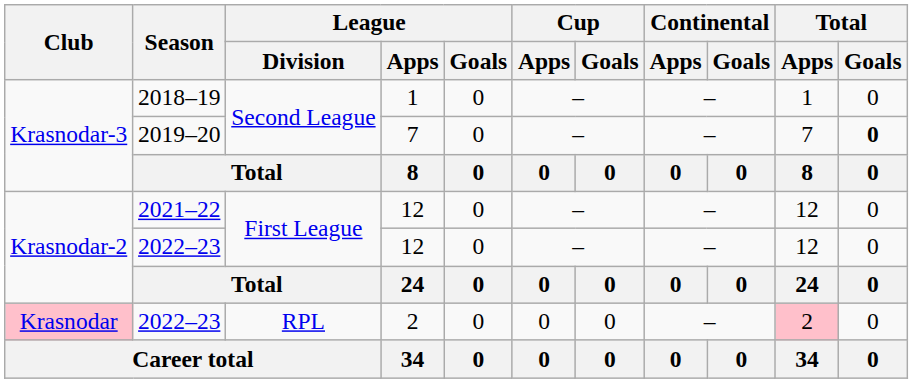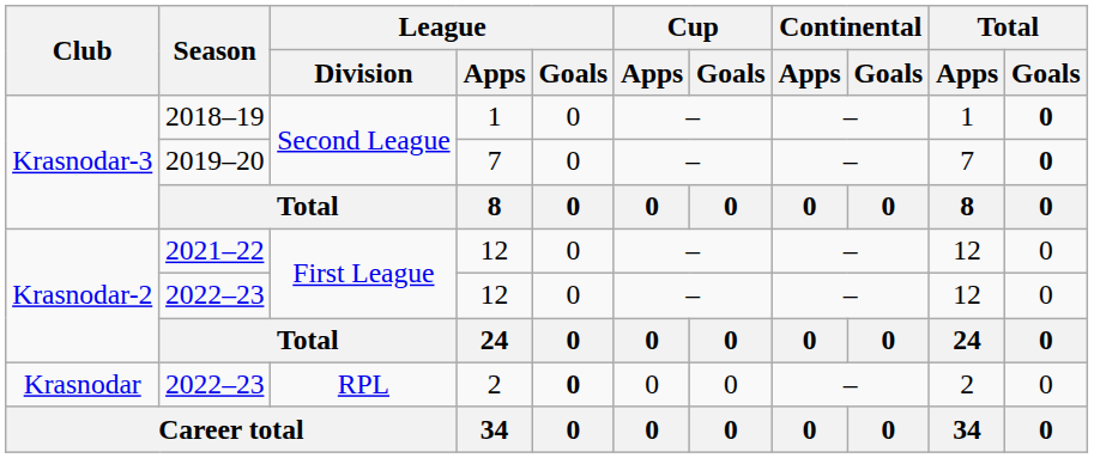 <table class="wikitable" style="text-align: center;">
 <tr>
 <th rowspan=2>Club</th>
 <th rowspan=2>Season</th>
 <th colspan=3>League</th>
 <th colspan=2>Cup</th>
 <th colspan=2>Continental</th>
 <th colspan=2>Total</th>
 </tr>
 <tr>
 <th>Division</th>
 <th>Apps</th>
 <th>Goals</th>
 <th>Apps</th>
 <th>Goals</th>
 <th>Apps</th>
 <th>Goals</th>
 <th>Apps</th>
 <th>Goals</th>
 </tr>
 <tr>
 <td rowspan="3"><a href='#'>Krasnodar-3</a></td>
 <td>2018–19</td>
 <td rowspan="2"><a href='#'>Second League</a></td>
 <td>1</td>
 <td>0</td>
 <td colspan=2>–</td>
 <td colspan=2>–</td>
 <td>1</td>
-<td>0</td>
+<td><strong>0</strong></td>
 </tr>
 <tr>
 <td>2019–20</td>
 <td>7</td>
 <td>0</td>
 <td colspan=2>–</td>
 <td colspan=2>–</td>
 <td>7</td>
 <td><strong>0</strong></td>
 </tr>
 <tr>
 <th colspan=2>Total</th>
 <th>8</th>
 <th>0</th>
 <th>0</th>
 <th>0</th>
 <th>0</th>
 <th>0</th>
 <th>8</th>
 <th>0</th>
 </tr>
 <tr>
 <td rowspan="3"><a href='#'>Krasnodar-2</a></td>
 <td><a href='#'>2021–22</a></td>
 <td rowspan="2"><a href='#'>First League</a></td>
 <td>12</td>
 <td>0</td>
 <td colspan=2>–</td>
 <td colspan=2>–</td>
 <td>12</td>
 <td>0</td>
 </tr>
 <tr>
 <td><a href='#'>2022–23</a></td>
 <td>12</td>
 <td>0</td>
 <td colspan=2>–</td>
 <td colspan=2>–</td>
 <td>12</td>
 <td>0</td>
 </tr>
 <tr>
 <th colspan=2>Total</th>
 <th>24</th>
 <th>0</th>
 <th>0</th>
 <th>0</th>
 <th>0</th>
 <th>0</th>
 <th>24</th>
 <th>0</th>
 </tr>
 <tr>
-<td style="background: pink;"><a href='#'>Krasnodar</a></td>
+<td><a href='#'>Krasnodar</a></td>
 <td><a href='#'>2022–23</a></td>
 <td><a href='#'>RPL</a></td>
 <td>2</td>
-<td>0</td>
+<td><strong>0</strong></td>
 <td>0</td>
 <td>0</td>
 <td colspan=2>–</td>
-<td style="background: pink;">2</td>
+<td>2</td>
 <td>0</td>
 </tr>
 <tr>
 <th colspan=3>Career total</th>
 <th>34</th>
 <th>0</th>
 <th>0</th>
 <th>0</th>
 <th>0</th>
 <th>0</th>
 <th>34</th>
 <th>0</th>
 </tr>
 </table>
